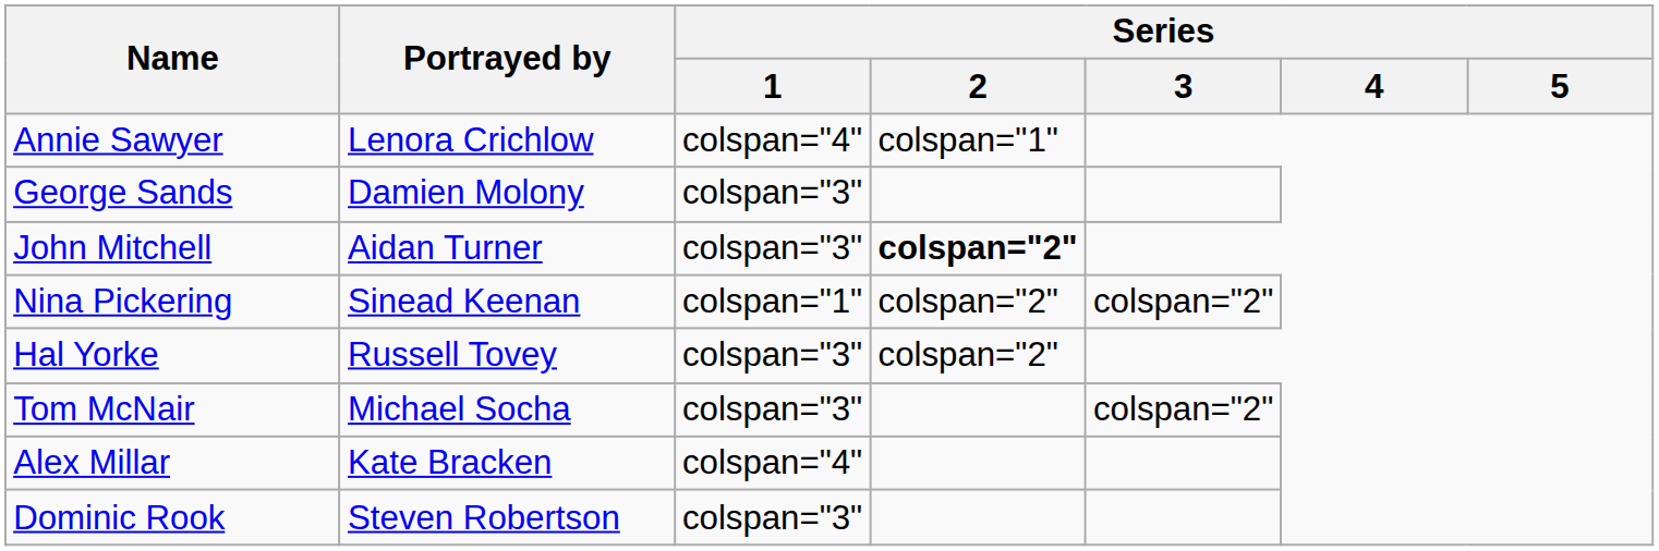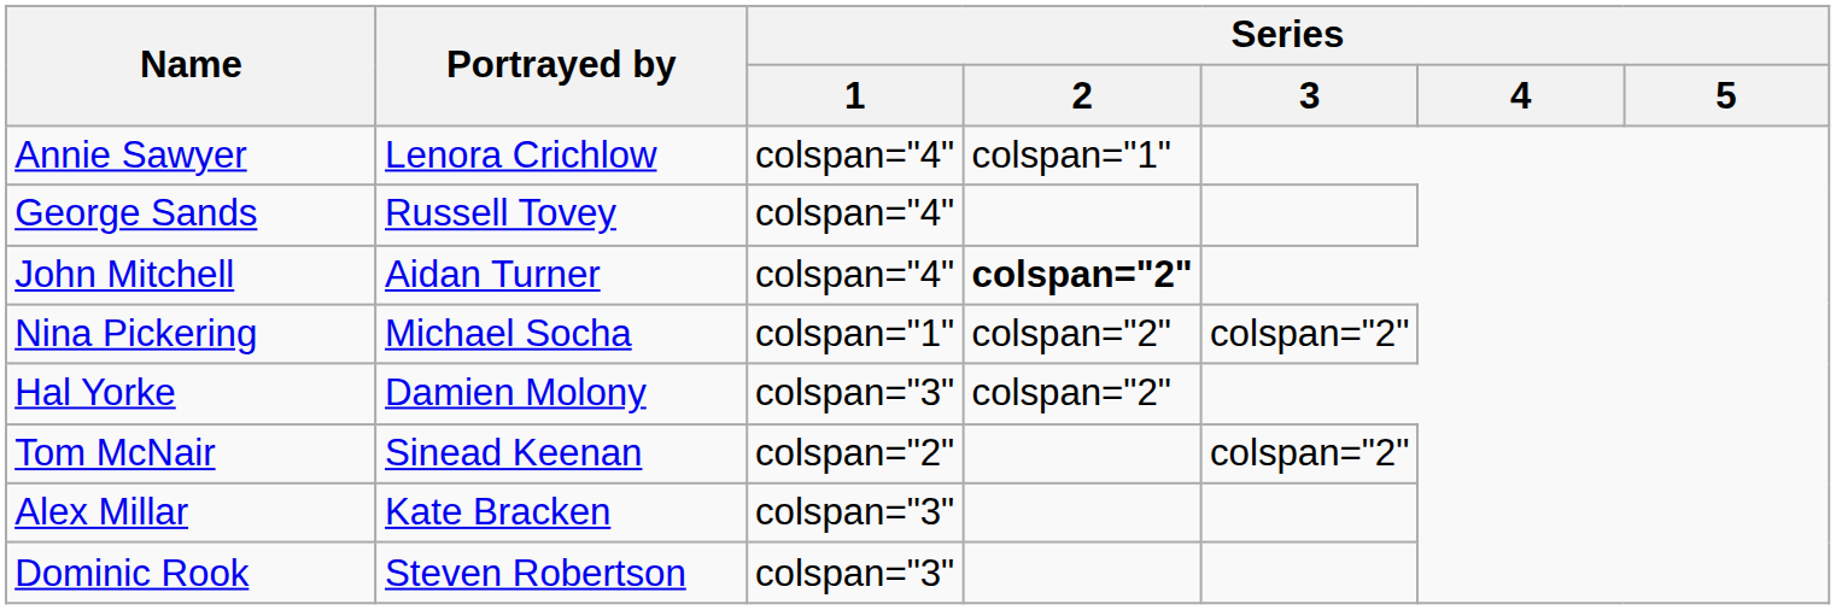 <table class="wikitable">
 <tr>
 <th rowspan="2" style="width:150px;">Name</th>
 <th style="width:150px;" rowspan="2">Portrayed by</th>
 <th colspan="5">Series</th>
 </tr>
 <tr>
 <th style="width:80px;">1</th>
 <th style="width:80px;">2</th>
 <th style="width:80px;">3</th>
 <th style="width:80px;">4</th>
 <th style="width:80px;">5</th>
 </tr>
 <tr>
 <td><a href='#'>Annie Sawyer</a></td>
 <td><a href='#'>Lenora Crichlow</a></td>
 <td>colspan="4" </td>
 <td>colspan="1" </td>
 </tr>
 <tr>
 <td><a href='#'>George Sands</a></td>
-<td><a href='#'>Damien Molony</a></td>
-<td>colspan="3" </td>
+<td><a href='#'>Russell Tovey</a></td>
+<td>colspan="4" </td>
 <td></td>
 <td></td>
 </tr>
 <tr>
 <td><a href='#'>John Mitchell</a></td>
 <td><a href='#'>Aidan Turner</a></td>
-<td>colspan="3" </td>
+<td>colspan="4" </td>
 <td><strong>colspan="2" </strong></td>
 </tr>
 <tr>
 <td><a href='#'>Nina Pickering</a></td>
-<td><a href='#'>Sinead Keenan</a></td>
+<td><a href='#'>Michael Socha</a></td>
 <td>colspan="1" </td>
 <td>colspan="2" </td>
 <td>colspan="2" </td>
 </tr>
 <tr>
 <td><a href='#'>Hal Yorke</a></td>
-<td><a href='#'>Russell Tovey</a></td>
+<td><a href='#'>Damien Molony</a></td>
 <td>colspan="3" </td>
 <td>colspan="2" </td>
 </tr>
 <tr>
 <td><a href='#'>Tom McNair</a></td>
-<td><a href='#'>Michael Socha</a></td>
-<td>colspan="3" </td>
+<td><a href='#'>Sinead Keenan</a></td>
+<td>colspan="2" </td>
 <td></td>
 <td>colspan="2" </td>
 </tr>
 <tr>
 <td><a href='#'>Alex Millar</a></td>
 <td><a href='#'>Kate Bracken</a></td>
-<td>colspan="4" </td>
+<td>colspan="3" </td>
 <td></td>
 <td></td>
 </tr>
 <tr>
 <td><a href='#'>Dominic Rook</a></td>
 <td><a href='#'>Steven Robertson</a></td>
 <td>colspan="3" </td>
 <td></td>
 <td></td>
 </tr>
 </table>
